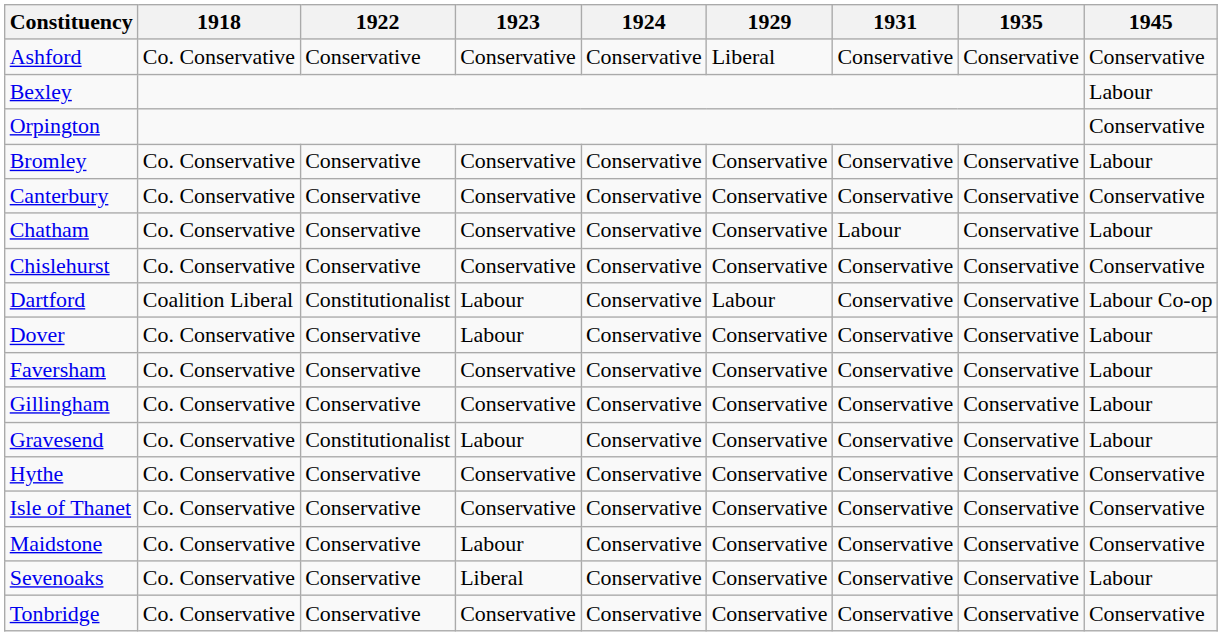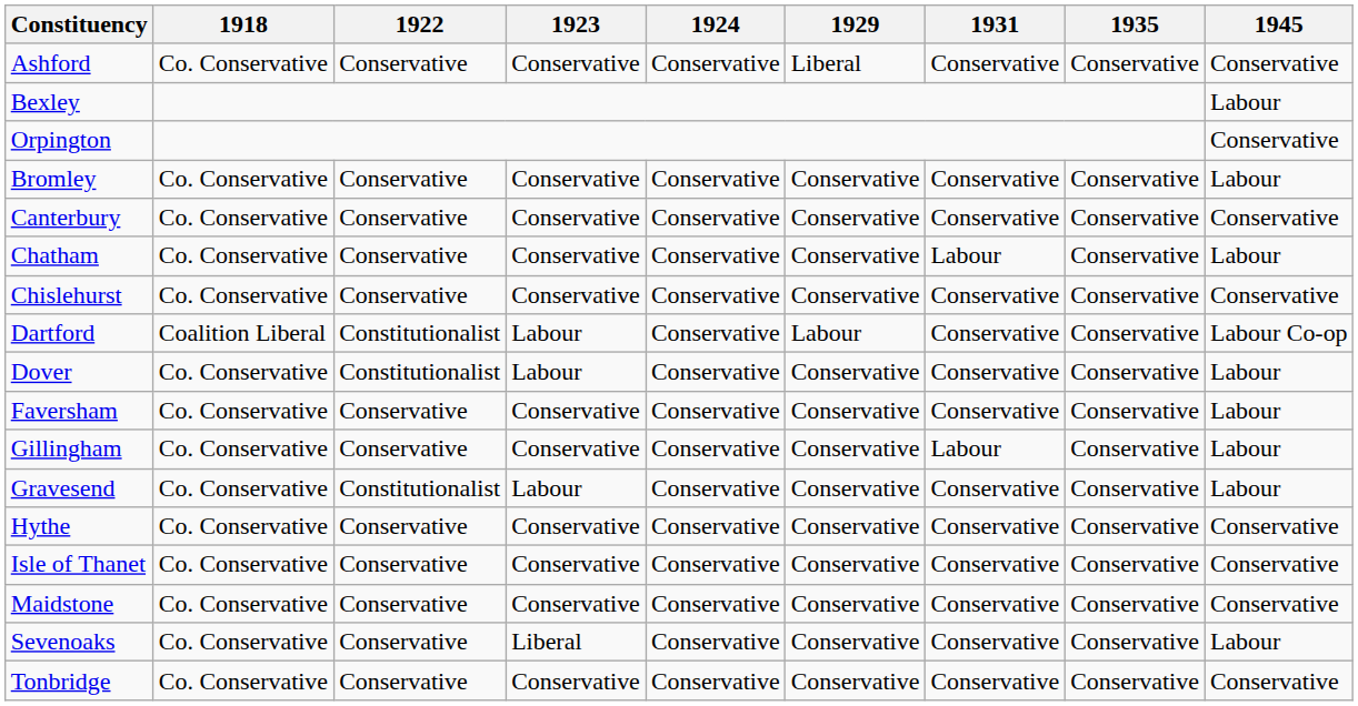 <table class="wikitable sortable">
 <tr>
 <th>Constituency</th>
 <th>1918</th>
 <th>1922</th>
 <th>1923</th>
 <th>1924</th>
 <th>1929</th>
 <th>1931</th>
 <th>1935</th>
 <th>1945</th>
 </tr>
 <tr>
 <td><a href='#'>Ashford</a></td>
 <td bgcolor=>Co. Conservative</td>
 <td bgcolor=>Conservative</td>
 <td bgcolor=>Conservative</td>
 <td bgcolor=>Conservative</td>
 <td bgcolor=>Liberal</td>
 <td bgcolor=>Conservative</td>
 <td bgcolor=>Conservative</td>
 <td bgcolor=>Conservative</td>
 </tr>
 <tr>
 <td><a href='#'>Bexley</a></td>
 <td colspan="7"></td>
 <td bgcolor=>Labour</td>
 </tr>
 <tr>
 <td><a href='#'>Orpington</a></td>
 <td colspan="7"></td>
 <td bgcolor=>Conservative</td>
 </tr>
 <tr>
 <td><a href='#'>Bromley</a></td>
 <td>Co. Conservative</td>
 <td>Conservative</td>
 <td>Conservative</td>
 <td>Conservative</td>
 <td>Conservative</td>
 <td>Conservative</td>
 <td>Conservative</td>
 <td bgcolor=>Labour</td>
 </tr>
 <tr>
 <td><a href='#'>Canterbury</a></td>
 <td>Co. Conservative</td>
 <td>Conservative</td>
 <td>Conservative</td>
 <td>Conservative</td>
 <td>Conservative</td>
 <td>Conservative</td>
 <td>Conservative</td>
 <td bgcolor=>Conservative</td>
 </tr>
 <tr>
 <td><a href='#'>Chatham</a></td>
 <td>Co. Conservative</td>
 <td>Conservative</td>
 <td>Conservative</td>
 <td>Conservative</td>
 <td>Conservative</td>
 <td>Labour</td>
 <td>Conservative</td>
 <td>Labour</td>
 </tr>
 <tr>
 <td><a href='#'>Chislehurst</a></td>
 <td>Co. Conservative</td>
 <td>Conservative</td>
 <td>Conservative</td>
 <td>Conservative</td>
 <td>Conservative</td>
 <td>Conservative</td>
 <td>Conservative</td>
 <td bgcolor=>Conservative</td>
 </tr>
 <tr>
 <td><a href='#'>Dartford</a></td>
 <td>Coalition Liberal</td>
 <td>Constitutionalist</td>
 <td>Labour</td>
 <td>Conservative</td>
 <td>Labour</td>
 <td>Conservative</td>
 <td>Conservative</td>
 <td bgcolor=>Labour Co-op</td>
 </tr>
 <tr>
 <td><a href='#'>Dover</a></td>
 <td>Co. Conservative</td>
-<td>Conservative</td>
+<td>Constitutionalist</td>
 <td>Labour</td>
 <td>Conservative</td>
 <td>Conservative</td>
 <td>Conservative</td>
 <td>Conservative</td>
 <td bgcolor=>Labour</td>
 </tr>
 <tr>
 <td><a href='#'>Faversham</a></td>
 <td>Co. Conservative</td>
 <td>Conservative</td>
 <td>Conservative</td>
 <td>Conservative</td>
 <td>Conservative</td>
 <td>Conservative</td>
 <td>Conservative</td>
 <td bgcolor=>Labour</td>
 </tr>
 <tr>
 <td><a href='#'>Gillingham</a></td>
 <td>Co. Conservative</td>
 <td>Conservative</td>
 <td>Conservative</td>
 <td>Conservative</td>
 <td>Conservative</td>
-<td>Conservative</td>
+<td>Labour</td>
 <td>Conservative</td>
 <td bgcolor=>Labour</td>
 </tr>
 <tr>
 <td><a href='#'>Gravesend</a></td>
 <td>Co. Conservative</td>
 <td>Constitutionalist</td>
 <td>Labour</td>
 <td>Conservative</td>
 <td>Conservative</td>
 <td>Conservative</td>
 <td>Conservative</td>
 <td bgcolor=>Labour</td>
 </tr>
 <tr>
 <td><a href='#'>Hythe</a></td>
 <td>Co. Conservative</td>
 <td>Conservative</td>
 <td>Conservative</td>
 <td>Conservative</td>
 <td>Conservative</td>
 <td>Conservative</td>
 <td>Conservative</td>
 <td bgcolor=>Conservative</td>
 </tr>
 <tr>
 <td><a href='#'>Isle of Thanet</a></td>
 <td>Co. Conservative</td>
 <td>Conservative</td>
 <td>Conservative</td>
 <td>Conservative</td>
 <td>Conservative</td>
 <td>Conservative</td>
 <td>Conservative</td>
 <td bgcolor=>Conservative</td>
 </tr>
 <tr>
 <td><a href='#'>Maidstone</a></td>
 <td>Co. Conservative</td>
 <td>Conservative</td>
-<td>Labour</td>
+<td>Conservative</td>
 <td>Conservative</td>
 <td>Conservative</td>
 <td>Conservative</td>
 <td>Conservative</td>
 <td bgcolor=>Conservative</td>
 </tr>
 <tr>
 <td><a href='#'>Sevenoaks</a></td>
 <td>Co. Conservative</td>
 <td>Conservative</td>
 <td>Liberal</td>
 <td>Conservative</td>
 <td>Conservative</td>
 <td>Conservative</td>
 <td>Conservative</td>
 <td bgcolor=>Labour</td>
 </tr>
 <tr>
 <td><a href='#'>Tonbridge</a></td>
 <td>Co. Conservative</td>
 <td>Conservative</td>
 <td>Conservative</td>
 <td>Conservative</td>
 <td>Conservative</td>
 <td>Conservative</td>
 <td>Conservative</td>
 <td bgcolor=>Conservative</td>
 </tr>
 </table>
